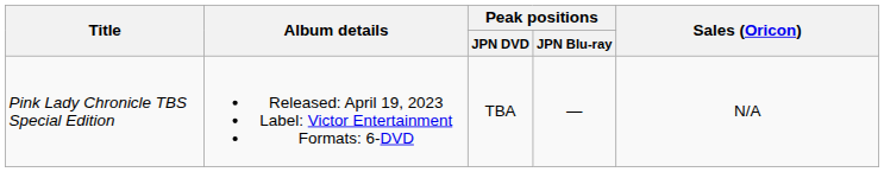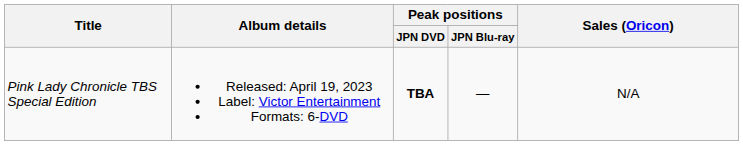 <table class="wikitable plainrowheaders" style="text-align:center;">
 <tr>
 <th style="width:12em;" rowspan="2">Title</th>
 <th style="width:16em;" rowspan="2">Album details</th>
 <th colspan="2">Peak positions</th>
 <th style="width:16em;" rowspan="2">Sales (<a href='#'>Oricon</a>)</th>
 </tr>
 <tr>
 <th><small>JPN DVD</small><br></th>
 <th><small>JPN Blu-ray</small><br></th>
 </tr>
 <tr>
 <td align="left"><em>Pink Lady Chronicle TBS Special Edition</em></td>
 <td><br><ul><li>Released: April 19, 2023</li><li>Label: <a href='#'>Victor Entertainment</a></li><li>Formats: 6-<a href='#'>DVD</a></li></ul></td>
-<td>TBA</td>
+<td><strong>TBA</strong></td>
 <td>—</td>
 <td>N/A</td>
 </tr>
 </table>
